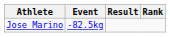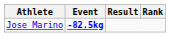 <table class="wikitable">
 <tr>
 <th>Athlete</th>
 <th>Event</th>
 <th>Result</th>
 <th>Rank</th>
 </tr>
 <tr align=center>
 <td align=left><a href='#'>Jose Marino</a></td>
-<td align=left><a href='#'>-82.5kg</a></td>
+<td align=left><strong><a href='#'>-82.5kg</a></strong></td>
 <td colspan=2></td>
 </tr>
 </table>
